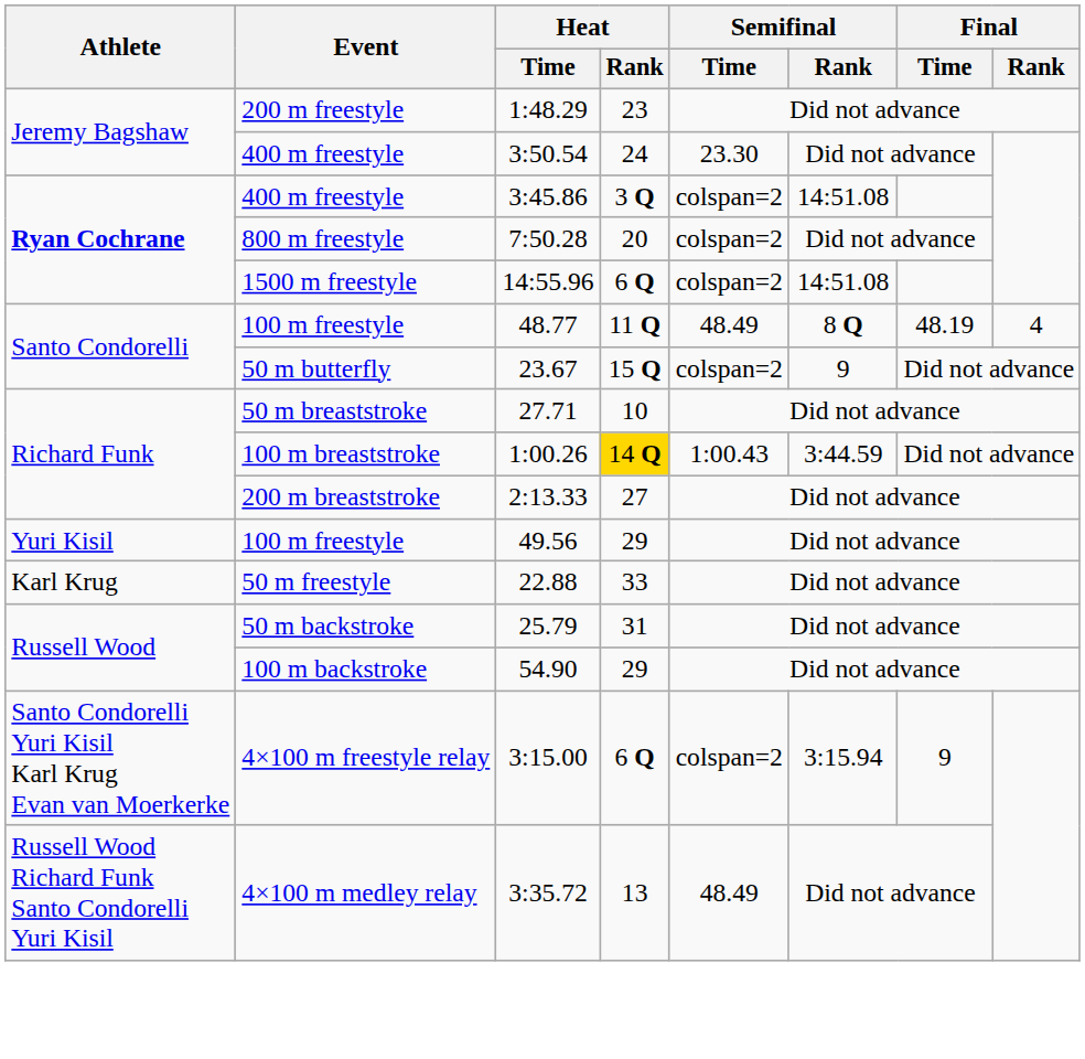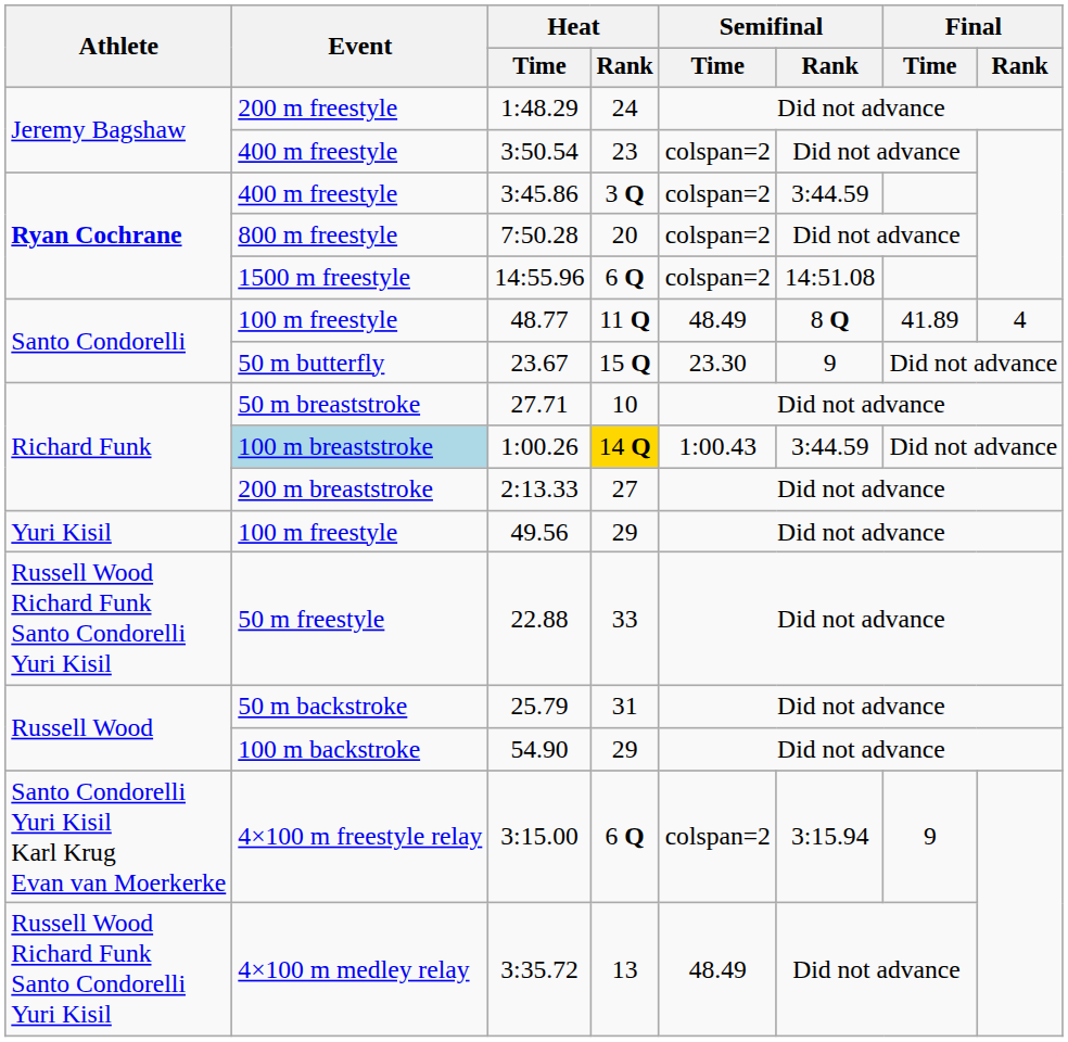 <table class=wikitable style="font-size:90%">
 <tr>
 <th rowspan=2>Athlete</th>
 <th rowspan=2>Event</th>
 <th colspan="2">Heat</th>
 <th colspan="2">Semifinal</th>
 <th colspan="2">Final</th>
 </tr>
 <tr style="font-size:95%">
 <th>Time</th>
 <th>Rank</th>
 <th>Time</th>
 <th>Rank</th>
 <th>Time</th>
 <th>Rank</th>
 </tr>
 <tr align=center>
 <td align=left rowspan=2><a href='#'>Jeremy Bagshaw</a></td>
 <td align=left><a href='#'>200 m freestyle</a></td>
 <td>1:48.29</td>
-<td>23</td>
+<td>24</td>
 <td colspan=4>Did not advance</td>
 </tr>
 <tr align=center>
 <td align=left><a href='#'>400 m freestyle</a></td>
 <td>3:50.54</td>
-<td>24</td>
-<td>23.30</td>
+<td>23</td>
+<td>colspan=2 </td>
 <td colspan=2>Did not advance</td>
 </tr>
 <tr align=center>
 <td align=left rowspan=3><strong><a href='#'>Ryan Cochrane</a></strong></td>
 <td align=left><a href='#'>400 m freestyle</a></td>
 <td>3:45.86</td>
 <td>3 <strong>Q</strong></td>
 <td>colspan=2 </td>
-<td>14:51.08</td>
+<td>3:44.59</td>
 <td></td>
 </tr>
 <tr align=center>
 <td align=left><a href='#'>800 m freestyle</a></td>
 <td>7:50.28</td>
 <td>20</td>
 <td>colspan=2 </td>
 <td colspan=2>Did not advance</td>
 </tr>
 <tr align=center>
 <td align=left><a href='#'>1500 m freestyle</a></td>
 <td>14:55.96</td>
 <td>6 <strong>Q</strong></td>
 <td>colspan=2 </td>
 <td>14:51.08</td>
 <td></td>
 </tr>
 <tr align=center>
 <td align=left rowspan=2><a href='#'>Santo Condorelli</a></td>
 <td align=left><a href='#'>100 m freestyle</a></td>
 <td>48.77</td>
 <td>11 <strong>Q</strong></td>
 <td>48.49</td>
 <td>8 <strong>Q</strong></td>
-<td>48.19</td>
+<td>41.89</td>
 <td>4</td>
 </tr>
 <tr align=center>
 <td align=left><a href='#'>50 m butterfly</a></td>
 <td>23.67</td>
 <td>15 <strong>Q</strong></td>
-<td>colspan=2 </td>
+<td>23.30</td>
 <td>9</td>
 <td colspan=2>Did not advance</td>
 </tr>
 <tr align=center>
 <td align=left rowspan=3><a href='#'>Richard Funk</a></td>
 <td align=left><a href='#'>50 m breaststroke</a></td>
 <td>27.71</td>
 <td>10</td>
 <td colspan=4>Did not advance</td>
 </tr>
 <tr align=center>
-<td align=left><a href='#'>100 m breaststroke</a></td>
+<td align=left style="background: lightblue;"><a href='#'>100 m breaststroke</a></td>
 <td>1:00.26</td>
 <td style="background: gold;">14 <strong>Q</strong></td>
 <td>1:00.43</td>
 <td>3:44.59</td>
 <td colspan=2>Did not advance</td>
 </tr>
 <tr align=center>
 <td align=left><a href='#'>200 m breaststroke</a></td>
 <td>2:13.33</td>
 <td>27</td>
 <td colspan=4>Did not advance</td>
 </tr>
 <tr align=center>
 <td align=left><a href='#'>Yuri Kisil</a></td>
 <td align=left><a href='#'>100 m freestyle</a></td>
 <td>49.56</td>
 <td>29</td>
 <td colspan=4>Did not advance</td>
 </tr>
 <tr align=center>
-<td align=left>Karl Krug</td>
+<td align=left><a href='#'>Russell Wood</a><br><a href='#'>Richard Funk</a><br><a href='#'>Santo Condorelli</a><br><a href='#'>Yuri Kisil</a></td>
 <td align=left><a href='#'>50 m freestyle</a></td>
 <td>22.88</td>
 <td>33</td>
 <td colspan=4>Did not advance</td>
 </tr>
 <tr align=center>
 <td align=left rowspan=2><a href='#'>Russell Wood</a></td>
 <td align=left><a href='#'>50 m backstroke</a></td>
 <td>25.79</td>
 <td>31</td>
 <td colspan=4>Did not advance</td>
 </tr>
 <tr align=center>
 <td align=left><a href='#'>100 m backstroke</a></td>
 <td>54.90</td>
 <td>29</td>
 <td colspan=4>Did not advance</td>
 </tr>
 <tr align=center>
 <td align=left><a href='#'>Santo Condorelli</a><br><a href='#'>Yuri Kisil</a><br>Karl Krug<br><a href='#'>Evan van Moerkerke</a></td>
 <td align=left><a href='#'>4×100 m freestyle relay</a></td>
 <td>3:15.00</td>
 <td>6 <strong>Q</strong></td>
 <td>colspan=2 </td>
 <td>3:15.94</td>
 <td>9</td>
 </tr>
 <tr align=center>
 <td align=left><a href='#'>Russell Wood</a><br><a href='#'>Richard Funk</a><br><a href='#'>Santo Condorelli</a><br><a href='#'>Yuri Kisil</a></td>
 <td align=left><a href='#'>4×100 m medley relay</a></td>
 <td>3:35.72</td>
 <td>13</td>
 <td>48.49</td>
 <td colspan=2>Did not advance</td>
 </tr>
 </table>
